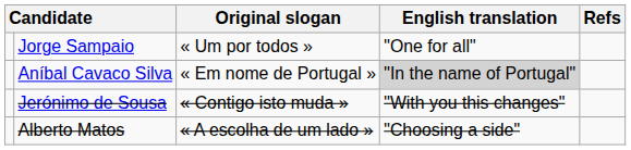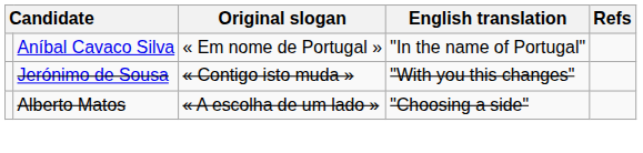 <table class="wikitable" style="font-size:97%; text-align:left;">
 <tr>
 <th style="text-align:left;" colspan="2">Candidate</th>
 <th>Original slogan</th>
 <th>English translation</th>
 <th>Refs</th>
 </tr>
 <tr>
-<td width="1"></td>
-<td><a href='#'>Jorge Sampaio</a></td>
-<td>« Um por todos »</td>
-<td>"One for all"</td>
-<td></td>
-</tr>
-<tr>
 <td></td>
 <td><a href='#'>Aníbal Cavaco Silva</a></td>
 <td>« Em nome de Portugal »</td>
-<td style="background: lightgrey;">"In the name of Portugal"</td>
+<td>"In the name of Portugal"</td>
 <td></td>
 </tr>
 <tr>
 <td></td>
 <td><s><a href='#'>Jerónimo de Sousa</a></s></td>
 <td><s>« Contigo isto muda »</s></td>
 <td><s>"With you this changes"</s></td>
 <td></td>
 </tr>
 <tr>
 <td></td>
 <td><s>Alberto Matos</s></td>
 <td><s>« A escolha de um lado »</s></td>
 <td><s>"Choosing a side"</s></td>
 <td></td>
 </tr>
 </table>
